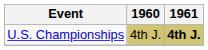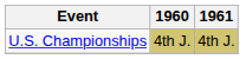 <table class="wikitable">
 <tr>
 <th>Event</th>
 <th>1960</th>
 <th>1961</th>
 </tr>
 <tr>
 <td><a href='#'>U.S. Championships</a></td>
 <td align="center" bgcolor="d1c571">4th J.</td>
-<td align="center" bgcolor="d1c571"><strong>4th J.</strong></td>
+<td align="center" bgcolor="d1c571">4th J.</td>
 </tr>
 <tr>
 </tr>
 </table>
